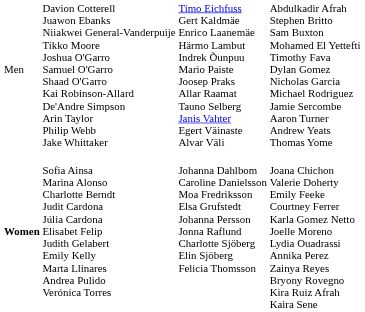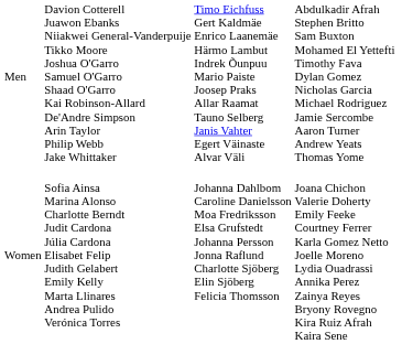 <table>
 <tr>
 <td>Men</td>
 <td valign=top nowrap><br>Davion Cotterell<br>Juawon Ebanks<br>Niiakwei General-Vanderpuije<br>Tikko Moore<br>Joshua O'Garro<br>Samuel O'Garro<br>Shaad O'Garro<br>Kai Robinson-Allard<br>De'Andre Simpson<br>Arin Taylor<br>Philip Webb<br>Jake Whittaker</td>
 <td valign=top nowrap><br><a href='#'>Timo Eichfuss</a><br>Gert Kaldmäe<br>Enrico Laanemäe<br>Härmo Lambut<br>Indrek Õunpuu<br>Mario Paiste<br>Joosep Praks<br>Allar Raamat<br>Tauno Selberg<br><a href='#'>Janis Vahter</a><br>Egert Väinaste<br>Alvar Väli</td>
 <td valign=top nowrap><br>Abdulkadir Afrah<br>Stephen Britto<br>Sam Buxton<br>Mohamed El Yettefti<br>Timothy Fava<br>Dylan Gomez<br>Nicholas Garcia<br>Michael Rodriguez<br>Jamie Sercombe<br>Aaron Turner<br>Andrew Yeats<br>Thomas Yome</td>
 </tr>
 <tr>
-<td><strong>Women</strong></td>
+<td>Women</td>
 <td valign=top nowrap><br>Sofia Ainsa<br>Marina Alonso<br>Charlotte Berndt<br>Judit Cardona<br>Júlia Cardona<br>Elisabet Felip<br>Judith Gelabert<br>Emily Kelly<br>Marta Llinares<br>Andrea Pulido<br>Verónica Torres</td>
 <td valign=top nowrap><br>Johanna Dahlbom<br>Caroline Danielsson<br>Moa Fredriksson<br>Elsa Grufstedt<br>Johanna Persson<br>Jonna Raflund<br>Charlotte Sjöberg<br>Elin Sjöberg<br>Felicia Thomsson</td>
 <td valign=top nowrap><br>Joana Chichon<br>Valerie Doherty<br>Emily Feeke<br>Courtney Ferrer<br>Karla Gomez Netto<br>Joelle Moreno<br>Lydia Ouadrassi<br>Annika Perez<br>Zainya Reyes<br>Bryony Rovegno<br>Kira Ruiz Afrah<br>Kaira Sene</td>
 </tr>
 </table>
